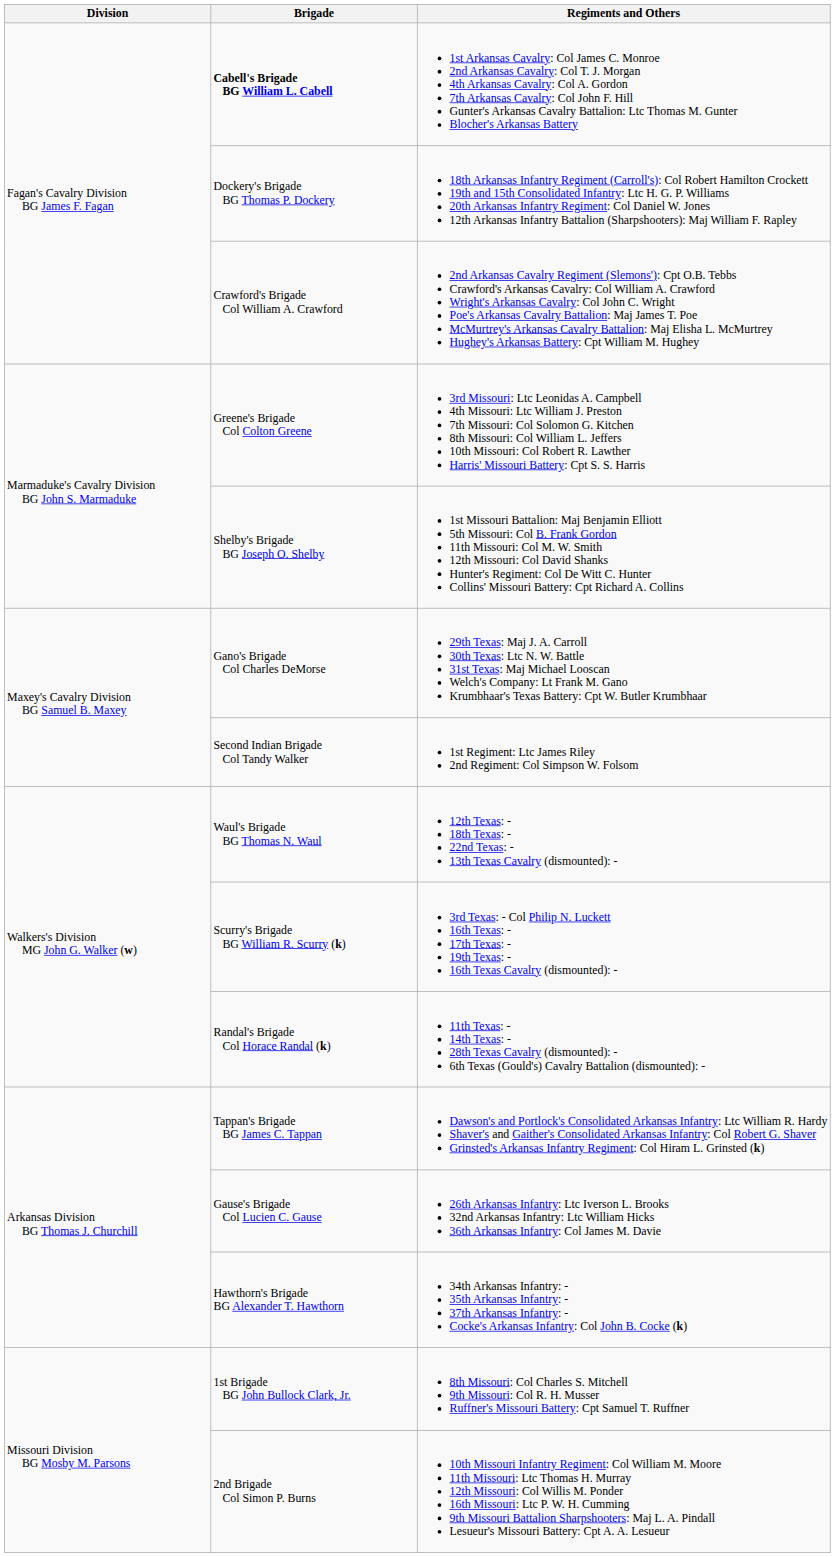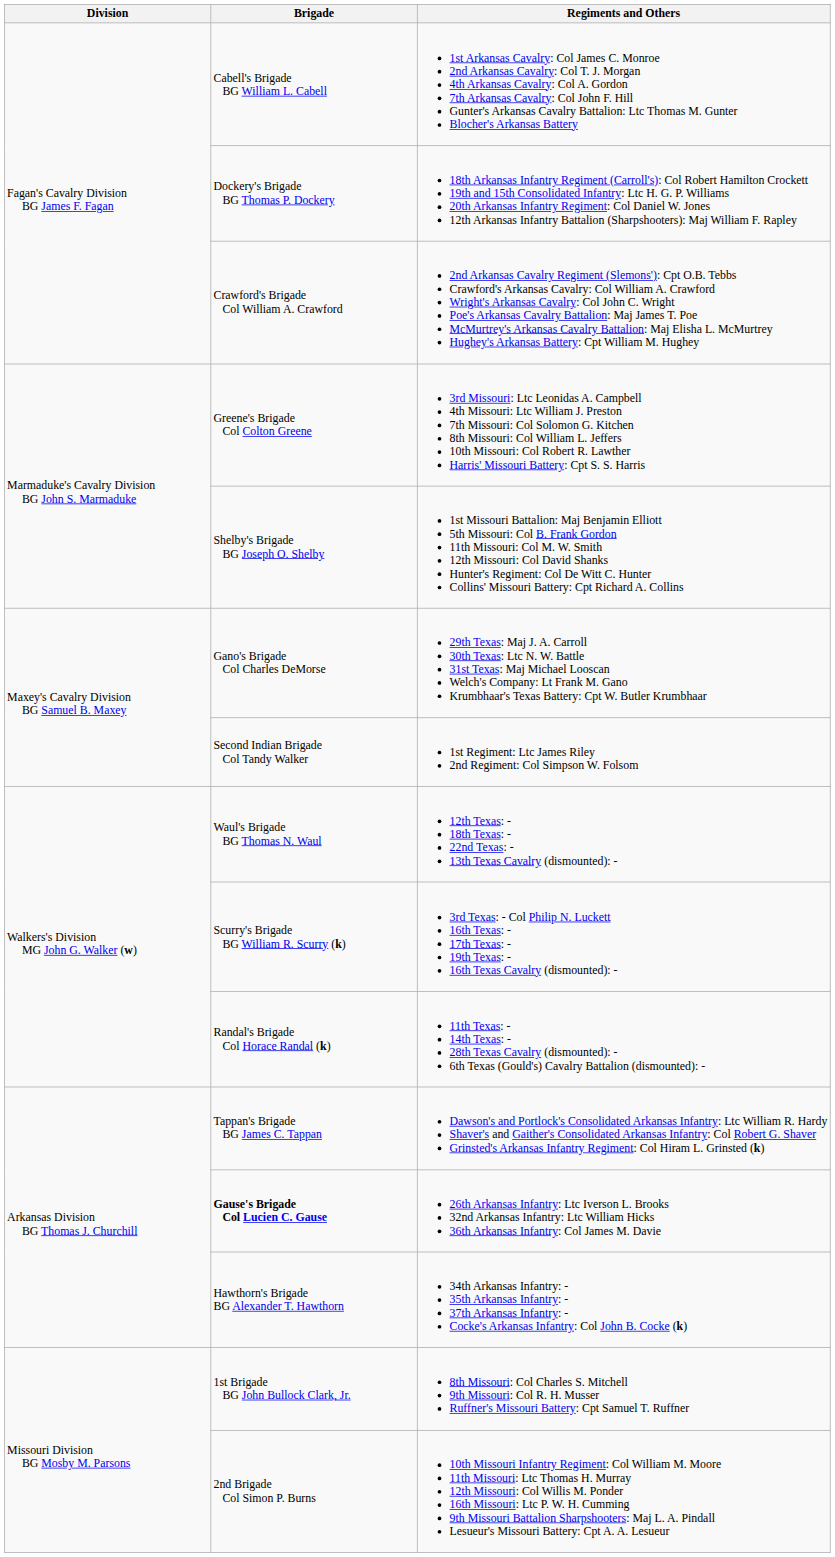 <table class="wikitable">
 <tr>
 <th width=25%>Division</th>
 <th width=25%>Brigade</th>
 <th>Regiments and Others</th>
 </tr>
 <tr>
 <td rowspan=3><br>Fagan's Cavalry Division <br>     BG <a href='#'>James F. Fagan</a><br></td>
-<td><strong>Cabell's Brigade<br>   BG <a href='#'>William L. Cabell</a></strong></td>
+<td>Cabell's Brigade<br>   BG <a href='#'>William L. Cabell</a></td>
 <td><br><ul><li><a href='#'>1st Arkansas Cavalry</a>: Col James C. Monroe</li><li><a href='#'>2nd Arkansas Cavalry</a>: Col T. J. Morgan</li><li><a href='#'>4th Arkansas Cavalry</a>: Col A. Gordon</li><li><a href='#'>7th Arkansas Cavalry</a>: Col John F. Hill</li><li>Gunter's Arkansas Cavalry Battalion: Ltc Thomas M. Gunter</li><li><a href='#'>Blocher's Arkansas Battery</a></li></ul></td>
 </tr>
 <tr>
 <td>Dockery's Brigade<br>   BG <a href='#'>Thomas P. Dockery</a></td>
 <td><br><ul><li><a href='#'>18th Arkansas Infantry Regiment (Carroll's)</a>: Col Robert Hamilton Crockett</li><li><a href='#'>19th and 15th Consolidated Infantry</a>: Ltc H. G. P. Williams</li><li><a href='#'>20th Arkansas Infantry Regiment</a>: Col Daniel W. Jones</li><li>12th Arkansas Infantry Battalion (Sharpshooters): Maj William F. Rapley</li></ul></td>
 </tr>
 <tr>
 <td>Crawford's Brigade<br>   Col William A. Crawford</td>
 <td><br><ul><li><a href='#'>2nd Arkansas Cavalry Regiment (Slemons')</a>: Cpt O.B. Tebbs</li><li>Crawford's Arkansas Cavalry: Col William A. Crawford</li><li><a href='#'>Wright's Arkansas Cavalry</a>: Col John C. Wright</li><li><a href='#'>Poe's Arkansas Cavalry Battalion</a>: Maj James T. Poe</li><li><a href='#'>McMurtrey's Arkansas Cavalry Battalion</a>: Maj Elisha L. McMurtrey</li><li><a href='#'>Hughey's Arkansas Battery</a>: Cpt William M. Hughey</li></ul></td>
 </tr>
 <tr>
 <td rowspan=2><br>Marmaduke's Cavalry Division <br>     BG <a href='#'>John S. Marmaduke</a></td>
 <td>Greene's Brigade<br>   Col <a href='#'>Colton Greene</a></td>
 <td><br><ul><li><a href='#'>3rd Missouri</a>: Ltc Leonidas A. Campbell</li><li>4th Missouri: Ltc William J. Preston</li><li>7th Missouri: Col Solomon G. Kitchen</li><li>8th Missouri: Col William L. Jeffers</li><li>10th Missouri: Col Robert R. Lawther</li><li><a href='#'>Harris' Missouri Battery</a>: Cpt S. S. Harris</li></ul></td>
 </tr>
 <tr>
 <td>Shelby's Brigade<br>   BG <a href='#'>Joseph O. Shelby</a></td>
 <td><br><ul><li>1st Missouri Battalion: Maj Benjamin Elliott</li><li>5th Missouri: Col <a href='#'>B. Frank Gordon</a></li><li>11th Missouri: Col M. W. Smith</li><li>12th Missouri: Col David Shanks</li><li>Hunter's Regiment: Col De Witt C. Hunter</li><li>Collins' Missouri Battery: Cpt Richard A. Collins</li></ul></td>
 </tr>
 <tr>
 <td rowspan=2><br>Maxey's Cavalry Division <br>     BG <a href='#'>Samuel B. Maxey</a></td>
 <td>Gano's Brigade<br>   Col Charles DeMorse</td>
 <td><br><ul><li><a href='#'>29th Texas</a>: Maj J. A. Carroll</li><li><a href='#'>30th Texas</a>: Ltc N. W. Battle</li><li><a href='#'>31st Texas</a>: Maj Michael Looscan</li><li>Welch's Company: Lt Frank M. Gano</li><li>Krumbhaar's Texas Battery:  Cpt W. Butler Krumbhaar</li></ul></td>
 </tr>
 <tr>
 <td>Second Indian Brigade<br>   Col Tandy Walker</td>
 <td><br><ul><li>1st Regiment: Ltc James Riley</li><li>2nd Regiment: Col Simpson W. Folsom</li></ul></td>
 </tr>
 <tr>
 <td rowspan=3><br>Walkers's Division <br>     MG <a href='#'>John G. Walker</a> (<strong>w</strong>)</td>
 <td>Waul's Brigade<br>   BG <a href='#'>Thomas N. Waul</a></td>
 <td><br><ul><li><a href='#'>12th Texas</a>: -</li><li><a href='#'>18th Texas</a>: -</li><li><a href='#'>22nd Texas</a>: -</li><li><a href='#'>13th Texas Cavalry</a> (dismounted): -</li></ul></td>
 </tr>
 <tr>
 <td>Scurry's Brigade<br>   BG <a href='#'>William R. Scurry</a> (<strong>k</strong>)</td>
 <td><br><ul><li><a href='#'>3rd Texas</a>: - Col <a href='#'>Philip N. Luckett</a></li><li><a href='#'>16th Texas</a>: -</li><li><a href='#'>17th Texas</a>: -</li><li><a href='#'>19th Texas</a>: -</li><li><a href='#'>16th Texas Cavalry</a> (dismounted): -</li></ul></td>
 </tr>
 <tr>
 <td>Randal's Brigade<br>   Col <a href='#'>Horace Randal</a> (<strong>k</strong>)</td>
 <td><br><ul><li><a href='#'>11th Texas</a>: -</li><li><a href='#'>14th Texas</a>: -</li><li><a href='#'>28th Texas Cavalry</a> (dismounted): -</li><li>6th Texas (Gould's) Cavalry Battalion (dismounted): -</li></ul></td>
 </tr>
 <tr>
 <td rowspan=3><br>Arkansas Division <br>     BG <a href='#'>Thomas J. Churchill</a></td>
 <td>Tappan's Brigade<br>   BG <a href='#'>James C. Tappan</a></td>
 <td><br><ul><li><a href='#'>Dawson's and Portlock's Consolidated Arkansas Infantry</a>: Ltc William R. Hardy</li><li><a href='#'>Shaver's</a> and <a href='#'>Gaither's Consolidated Arkansas Infantry</a>: Col <a href='#'>Robert G. Shaver</a></li><li><a href='#'>Grinsted's Arkansas Infantry Regiment</a>: Col Hiram L. Grinsted (<strong>k</strong>)</li></ul></td>
 </tr>
 <tr>
-<td>Gause's Brigade<br>   Col <a href='#'>Lucien C. Gause</a></td>
+<td><strong>Gause's Brigade<br>   Col <a href='#'>Lucien C. Gause</a></strong></td>
 <td><br><ul><li><a href='#'>26th Arkansas Infantry</a>: Ltc Iverson L. Brooks</li><li>32nd Arkansas Infantry: Ltc William Hicks</li><li><a href='#'>36th Arkansas Infantry</a>: Col James M. Davie</li></ul></td>
 </tr>
 <tr>
 <td>Hawthorn's Brigade<br>BG <a href='#'>Alexander T. Hawthorn</a></td>
 <td><br><ul><li>34th Arkansas Infantry: -</li><li><a href='#'>35th Arkansas Infantry</a>: -</li><li><a href='#'>37th Arkansas Infantry</a>: -</li><li><a href='#'>Cocke's Arkansas Infantry</a>: Col <a href='#'>John B. Cocke</a> (<strong>k</strong>)</li></ul></td>
 </tr>
 <tr>
 <td rowspan=2><br>Missouri Division <br>     BG <a href='#'>Mosby M. Parsons</a></td>
 <td>1st Brigade<br>   BG <a href='#'>John Bullock Clark, Jr.</a></td>
 <td><br><ul><li><a href='#'>8th Missouri</a>: Col Charles S. Mitchell</li><li><a href='#'>9th Missouri</a>: Col R. H. Musser</li><li><a href='#'>Ruffner's Missouri Battery</a>: Cpt Samuel T. Ruffner</li></ul></td>
 </tr>
 <tr>
 <td>2nd Brigade<br>   Col Simon P. Burns</td>
 <td><br><ul><li><a href='#'>10th Missouri Infantry Regiment</a>: Col William M. Moore</li><li><a href='#'>11th Missouri</a>: Ltc Thomas H. Murray</li><li><a href='#'>12th Missouri</a>: Col Willis M. Ponder</li><li><a href='#'>16th Missouri</a>: Ltc P. W. H. Cumming</li><li><a href='#'>9th Missouri Battalion Sharpshooters</a>: Maj L. A. Pindall</li><li>Lesueur's Missouri Battery:  Cpt A. A. Lesueur</li></ul></td>
 </tr>
 </table>
